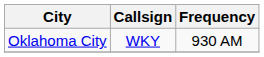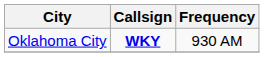 <table class="wikitable" style="font-size: 95%; text-align: center;">
 <tr>
 <th>City</th>
 <th>Callsign</th>
 <th>Frequency</th>
 </tr>
 <tr>
 <td><a href='#'>Oklahoma City</a></td>
-<td><a href='#'>WKY</a></td>
+<td><strong><a href='#'>WKY</a></strong></td>
 <td>930 AM</td>
 </tr>
 <tr>
 </tr>
 </table>
